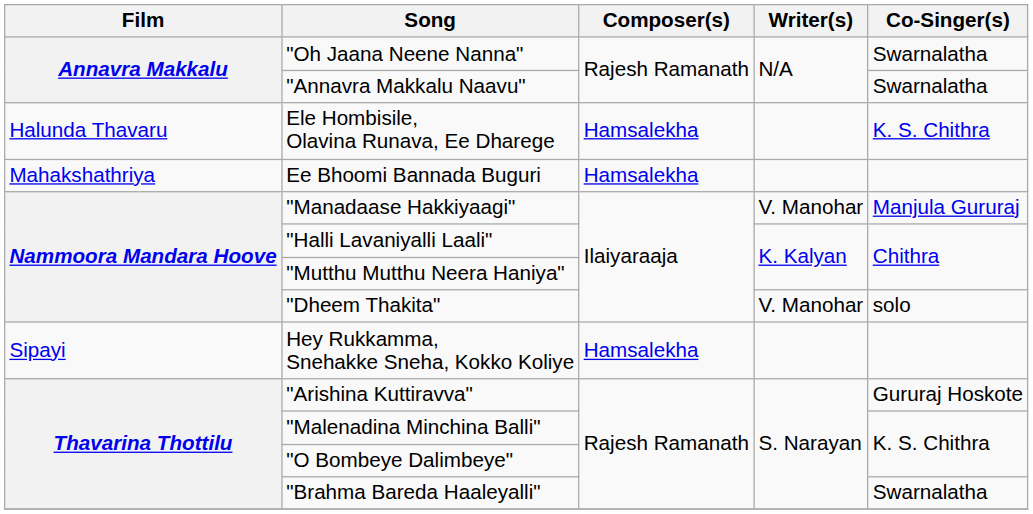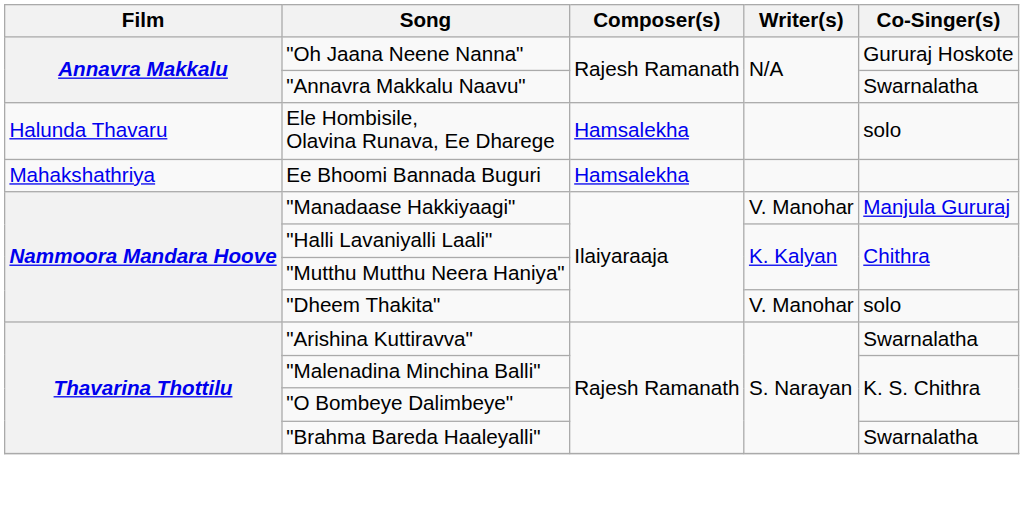 <table class="wikitable">
 <tr>
 <th>Film</th>
 <th>Song</th>
 <th>Composer(s)</th>
 <th>Writer(s)</th>
 <th>Co-Singer(s)</th>
 </tr>
 <tr>
 <th Rowspan=2><em><a href='#'>Annavra Makkalu</a></em></th>
 <td>"Oh Jaana Neene Nanna"</td>
 <td rowspan=2>Rajesh Ramanath</td>
 <td rowspan=2>N/A</td>
-<td>Swarnalatha</td>
+<td>Gururaj Hoskote</td>
 </tr>
 <tr>
 <td>"Annavra Makkalu Naavu"</td>
 <td>Swarnalatha</td>
 </tr>
 <tr>
 <td><a href='#'>Halunda Thavaru</a></td>
 <td>Ele Hombisile,<br>Olavina Runava, Ee Dharege</td>
 <td><a href='#'>Hamsalekha</a></td>
 <td></td>
-<td><a href='#'>K. S. Chithra</a></td>
+<td>solo</td>
 </tr>
 <tr>
 <td><a href='#'>Mahakshathriya</a></td>
 <td>Ee Bhoomi Bannada Buguri</td>
 <td><a href='#'>Hamsalekha</a></td>
 <td></td>
 <td></td>
 </tr>
 <tr>
 <th Rowspan=4><em><a href='#'>Nammoora Mandara Hoove</a></em></th>
 <td>"Manadaase Hakkiyaagi"</td>
 <td Rowspan=4>Ilaiyaraaja</td>
 <td>V. Manohar</td>
 <td><a href='#'>Manjula Gururaj</a></td>
 </tr>
 <tr>
 <td>"Halli Lavaniyalli Laali"</td>
 <td Rowspan=2><a href='#'>K. Kalyan</a></td>
 <td rowspan=2><a href='#'>Chithra</a></td>
 </tr>
 <tr>
 <td>"Mutthu Mutthu Neera Haniya"</td>
 </tr>
 <tr>
 <td>"Dheem Thakita"</td>
 <td>V. Manohar</td>
 <td>solo</td>
 </tr>
 <tr>
-<td><a href='#'>Sipayi</a></td>
-<td>Hey Rukkamma,<br>Snehakke Sneha, Kokko Koliye</td>
-<td><a href='#'>Hamsalekha</a></td>
-<td></td>
-<td></td>
-</tr>
-<tr>
 <th Rowspan=4><em><a href='#'>Thavarina Thottilu</a></em></th>
 <td>"Arishina Kuttiravva"</td>
 <td rowspan=4>Rajesh Ramanath</td>
 <td rowspan=4>S. Narayan</td>
-<td>Gururaj Hoskote</td>
+<td>Swarnalatha</td>
 </tr>
 <tr>
 <td>"Malenadina Minchina Balli"</td>
 <td rowspan=2>K. S. Chithra</td>
 </tr>
 <tr>
 <td>"O Bombeye Dalimbeye"</td>
 </tr>
 <tr>
 <td>"Brahma Bareda Haaleyalli"</td>
 <td>Swarnalatha</td>
 </tr>
 <tr>
 </tr>
 </table>
